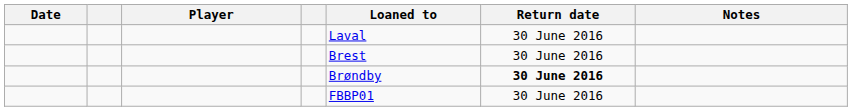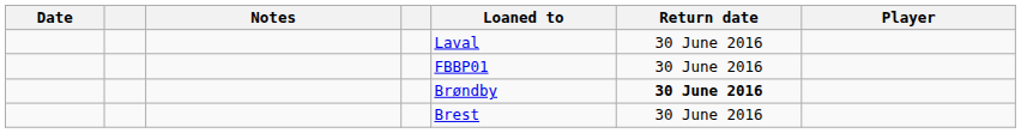 <table class="wikitable sortable">
 <tr>
 <th style="width:80px;">Date</th>
 <th style="width:30px;"></th>
-<th style="width:180px;">Player</th>
+<th style="width:215px;" class="unsortable">Notes</th>
 <th style="width:20px;"></th>
 <th style="width:155px;">Loaned to</th>
 <th style="width:155px;" class="unsortable">Return date</th>
-<th style="width:215px;" class="unsortable">Notes</th>
+<th style="width:180px;">Player</th>
 </tr>
 <tr>
 <td></td>
 <td align=center></td>
-<td> </td>
+<td align=center></td>
 <td></td>
 <td> <a href='#'>Laval</a></td>
 <td align=center>30 June 2016</td>
-<td align=center></td>
+<td> </td>
 </tr>
 <tr>
 <td></td>
 <td align=center></td>
+<td align=center></td>
+<td></td>
+<td> <a href='#'>FBBP01</a></td>
+<td align=center>30 June 2016</td>
 <td> </td>
-<td></td>
-<td> <a href='#'>Brest</a></td>
-<td align=center>30 June 2016</td>
-<td align=center></td>
 </tr>
 <tr>
 <td></td>
 <td align=center></td>
-<td> </td>
+<td align=center></td>
 <td></td>
 <td> <a href='#'>Brøndby</a></td>
 <td align=center><strong>30 June 2016</strong></td>
-<td align=center></td>
+<td> </td>
 </tr>
 <tr>
 <td></td>
 <td align=center></td>
+<td align=center></td>
+<td></td>
+<td> <a href='#'>Brest</a></td>
+<td align=center>30 June 2016</td>
 <td> </td>
-<td></td>
-<td> <a href='#'>FBBP01</a></td>
-<td align=center>30 June 2016</td>
-<td align=center></td>
 </tr>
 </table>
